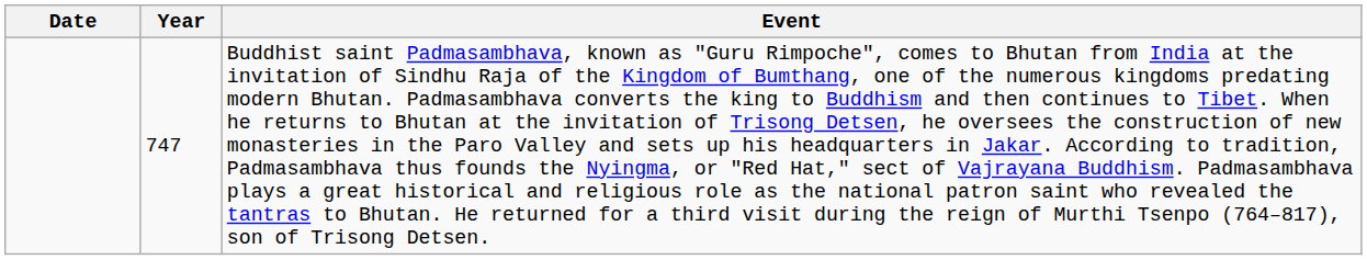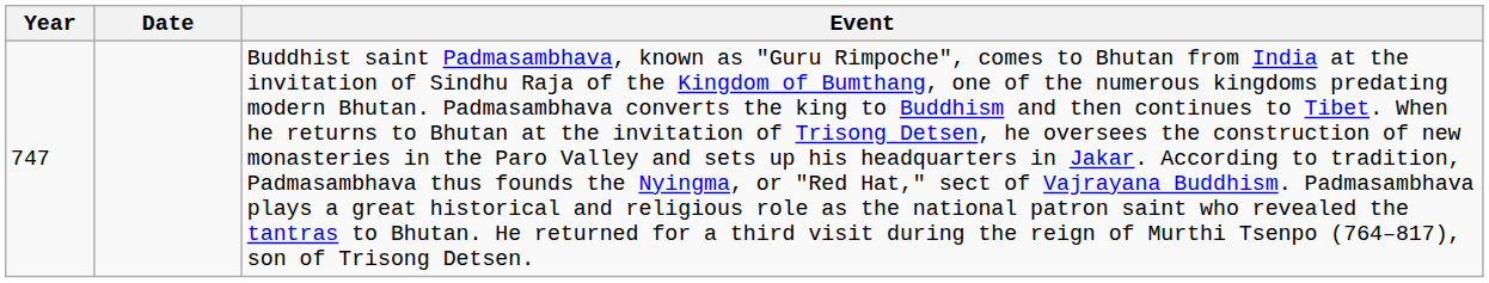 <table class="wikitable" width="100%">
 <tr>
+<th style="width:6%">Year</th>
 <th style="width:10%">Date</th>
-<th style="width:6%">Year</th>
 <th>Event</th>
 </tr>
 <tr>
+<td>747</td>
 <td></td>
-<td>747</td>
 <td>Buddhist saint <a href='#'>Padmasambhava</a>, known as "Guru Rimpoche", comes to Bhutan from <a href='#'>India</a> at the invitation of Sindhu Raja of the <a href='#'>Kingdom of Bumthang</a>, one of the numerous kingdoms predating modern Bhutan. Padmasambhava converts the king to <a href='#'>Buddhism</a> and then continues to <a href='#'>Tibet</a>. When he returns to Bhutan at the invitation of <a href='#'>Trisong Detsen</a>, he oversees the construction of new monasteries in the Paro Valley and sets up his headquarters in <a href='#'>Jakar</a>. According to tradition, Padmasambhava thus founds the <a href='#'>Nyingma</a>, or "Red Hat," sect of <a href='#'>Vajrayana Buddhism</a>. Padmasambhava plays a great historical and religious role as the national patron saint who revealed the <a href='#'>tantras</a> to Bhutan. He returned for a third visit during the reign of Murthi Tsenpo (764–817), son of Trisong Detsen.</td>
 </tr>
 </table>
